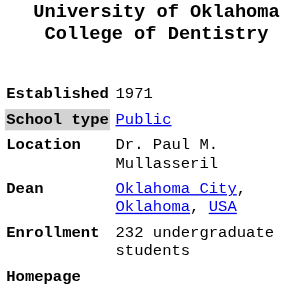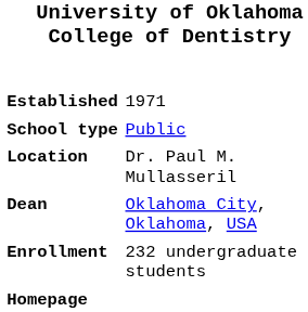 <table class="toccolours" style="float: right; margin-left: 1em; width: 20em; font-size: 90%; clear: right" cellspacing="3">
 <tr>
 <td colspan="2" style="text-align: center; font-size: larger;"><strong>University of Oklahoma<br> College of Dentistry</strong></td>
 </tr>
 <tr>
 <td colspan="2" style="padding: 1em 0; text-align: center;"></td>
 </tr>
 <tr style="vertical-align: top;">
 <td><strong>Established</strong></td>
 <td style="padding-right: 1em;">1971</td>
 </tr>
 <tr style="vertical-align: top;">
-<td style="background: lightgrey;"><strong>School type</strong></td>
+<td><strong>School type</strong></td>
 <td style="padding-right: 1em;"><a href='#'>Public</a></td>
 </tr>
 <tr style="vertical-align: top;">
 <td><strong>Location</strong></td>
 <td style="padding-right: 1em;">Dr. Paul M. Mullasseril</td>
 </tr>
 <tr style="vertical-align: top;">
 <td><strong>Dean</strong></td>
 <td style="padding-right: 1em;"><a href='#'>Oklahoma City</a>, <a href='#'>Oklahoma</a>, <a href='#'>USA</a></td>
 </tr>
 <tr style="vertical-align: top;">
 <td><strong>Enrollment</strong></td>
 <td style="padding-right: 1em;">232 undergraduate students</td>
 </tr>
 <tr style="vertical-align: top;">
 <td><strong>Homepage</strong></td>
 <td style="padding-right: 1em;"></td>
 </tr>
 <tr style="vertical-align: top;">
 </tr>
 </table>
